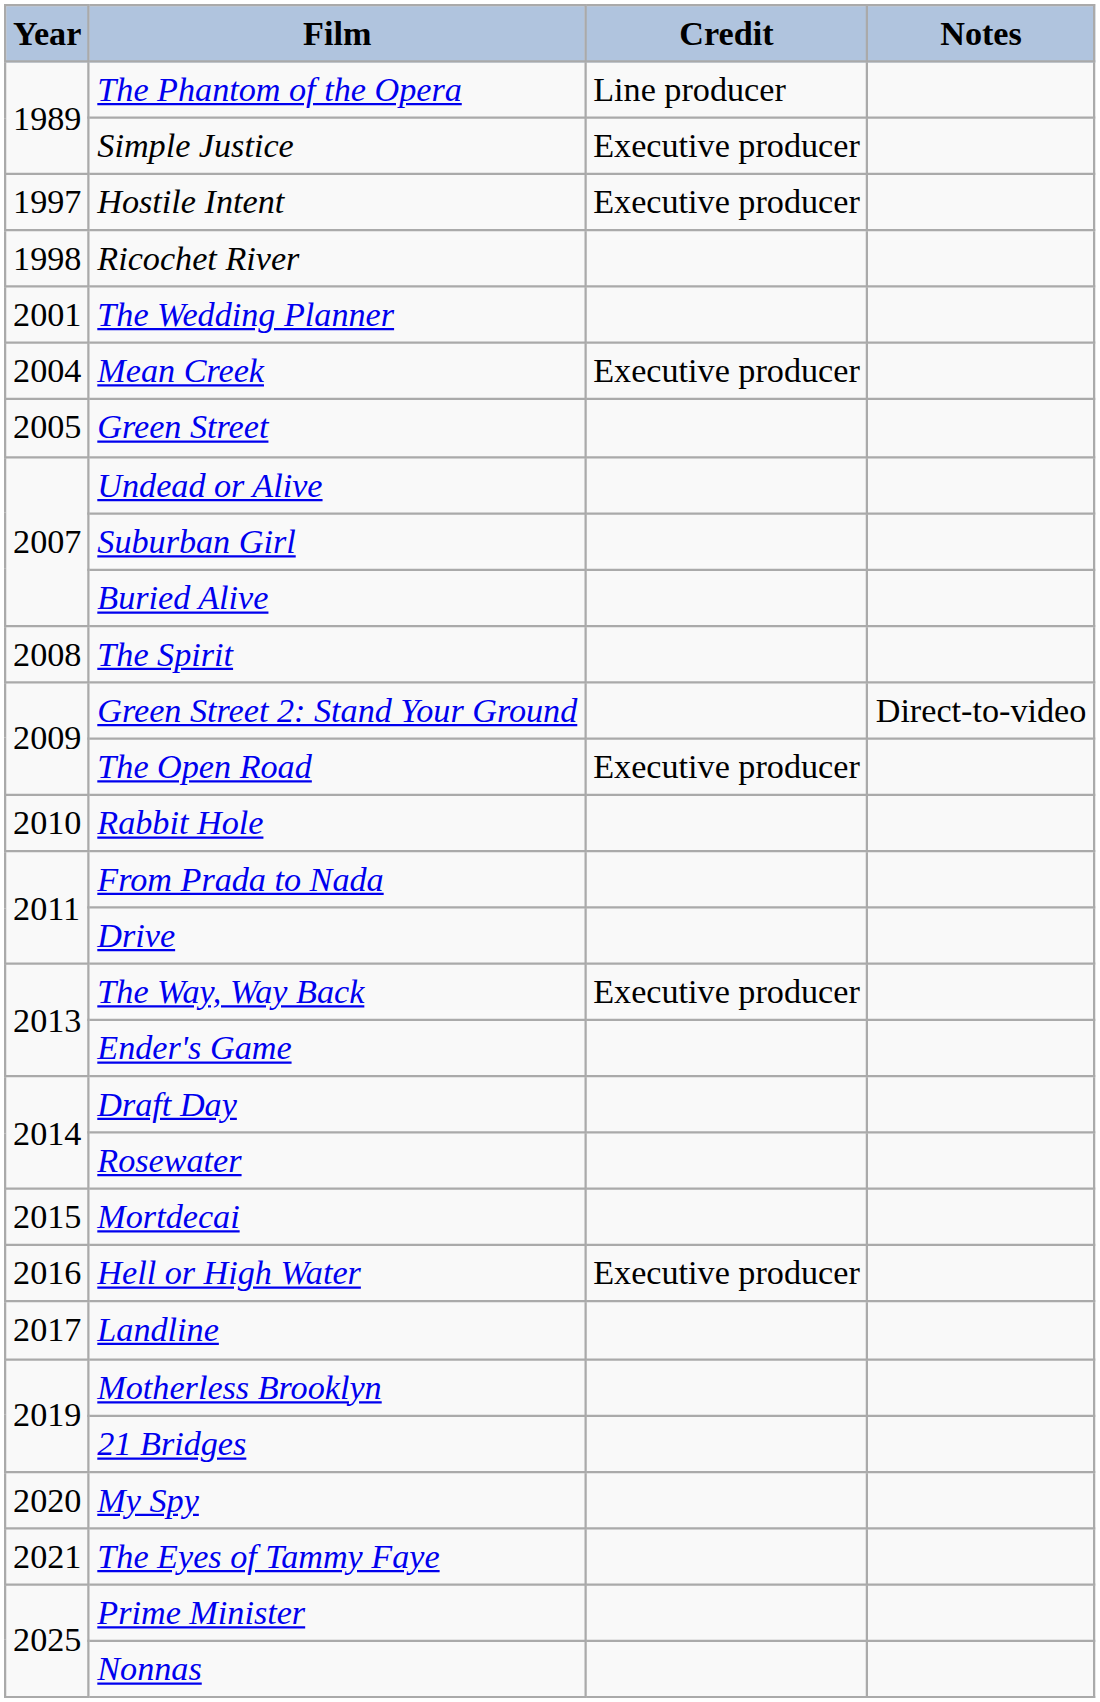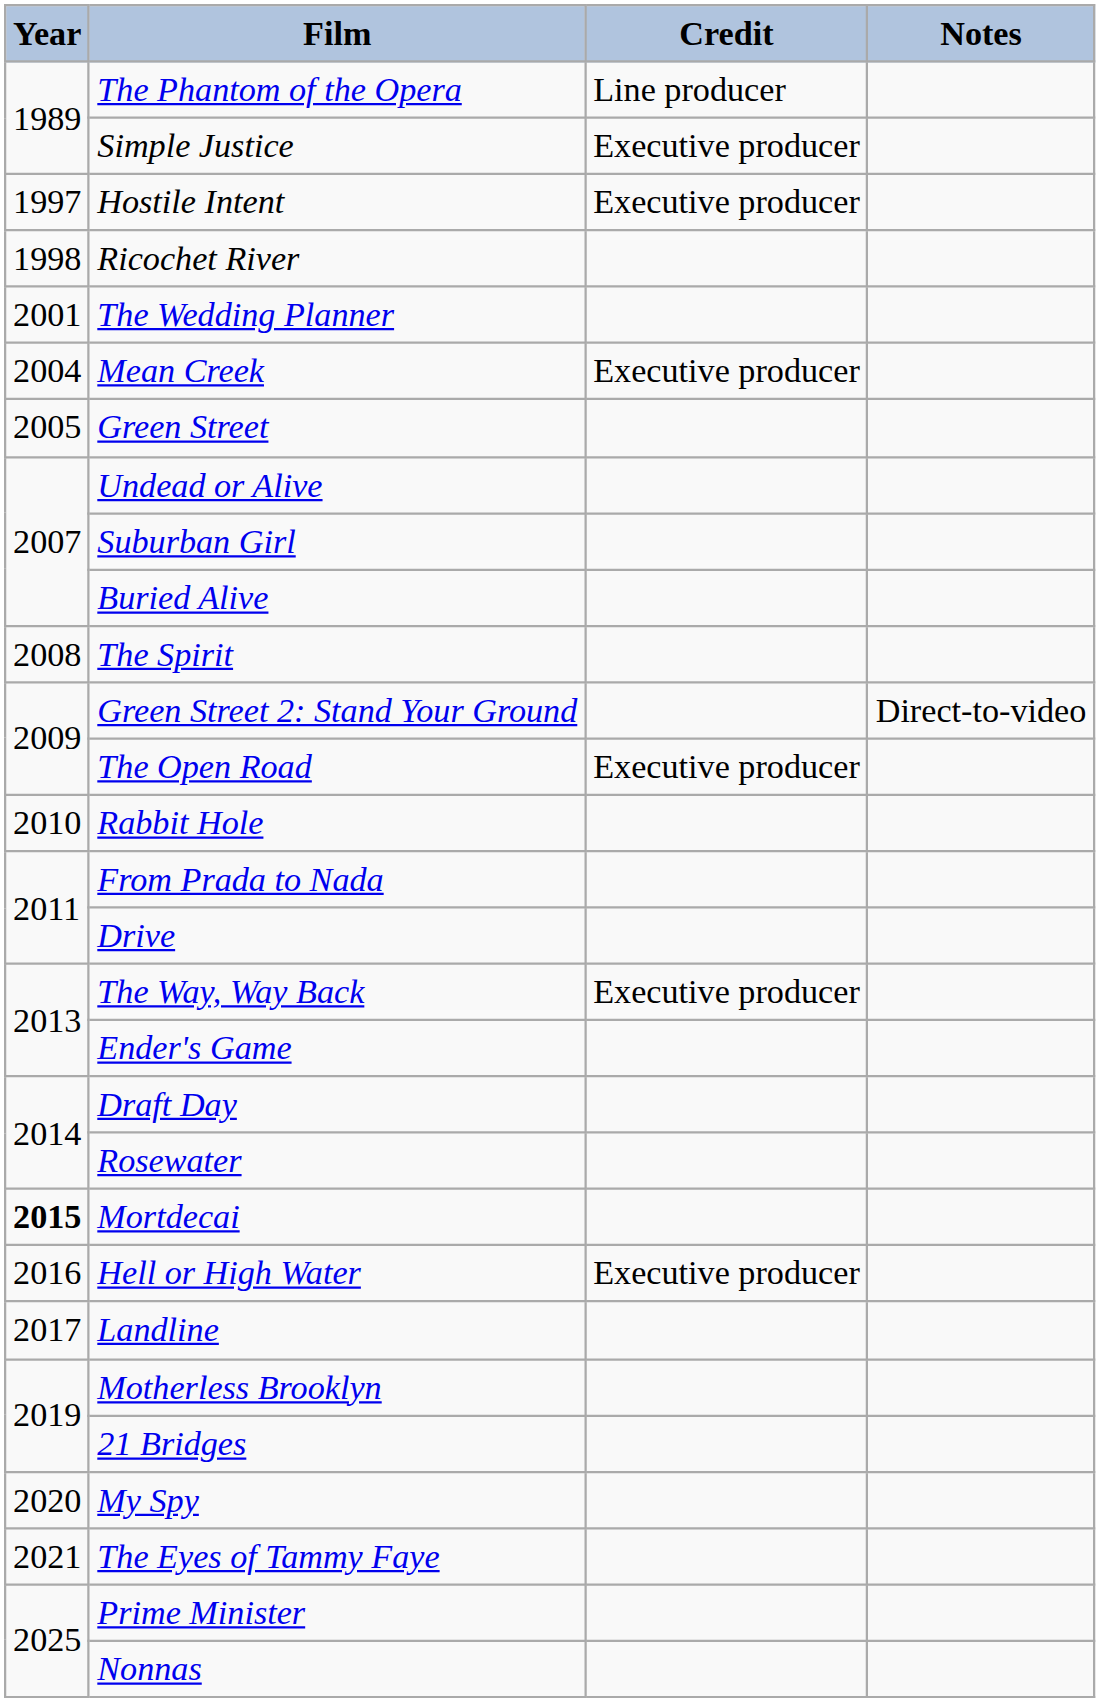 <table class="wikitable" style="font-size: 95%;" cellpadding="4" border="2" background: #f9f9f9;>
 <tr align="center">
 <th style="background:#B0C4DE;">Year</th>
 <th style="background:#B0C4DE;">Film</th>
 <th style="background:#B0C4DE;">Credit</th>
 <th style="background:#B0C4DE;">Notes</th>
 </tr>
 <tr>
 <td rowspan=2>1989</td>
 <td><em><a href='#'>The Phantom of the Opera</a></em></td>
 <td>Line producer</td>
 <td></td>
 </tr>
 <tr>
 <td><em>Simple Justice</em></td>
 <td>Executive producer</td>
 <td></td>
 </tr>
 <tr>
 <td>1997</td>
 <td><em>Hostile Intent</em></td>
 <td>Executive producer</td>
 <td></td>
 </tr>
 <tr>
 <td>1998</td>
 <td><em>Ricochet River</em></td>
 <td></td>
 <td></td>
 </tr>
 <tr>
 <td>2001</td>
 <td><em><a href='#'>The Wedding Planner</a></em></td>
 <td></td>
 <td></td>
 </tr>
 <tr>
 <td>2004</td>
 <td><em><a href='#'>Mean Creek</a></em></td>
 <td>Executive producer</td>
 <td></td>
 </tr>
 <tr>
 <td>2005</td>
 <td><em><a href='#'>Green Street</a></em></td>
 <td></td>
 <td></td>
 </tr>
 <tr>
 <td rowspan=3>2007</td>
 <td><em><a href='#'>Undead or Alive</a></em></td>
 <td></td>
 <td></td>
 </tr>
 <tr>
 <td><em><a href='#'>Suburban Girl</a></em></td>
 <td></td>
 <td></td>
 </tr>
 <tr>
 <td><em><a href='#'>Buried Alive</a></em></td>
 <td></td>
 <td></td>
 </tr>
 <tr>
 <td>2008</td>
 <td><em><a href='#'>The Spirit</a></em></td>
 <td></td>
 <td></td>
 </tr>
 <tr>
 <td rowspan=2>2009</td>
 <td><em><a href='#'>Green Street 2: Stand Your Ground</a></em></td>
 <td></td>
 <td>Direct-to-video</td>
 </tr>
 <tr>
 <td><em><a href='#'>The Open Road</a></em></td>
 <td>Executive producer</td>
 <td></td>
 </tr>
 <tr>
 <td>2010</td>
 <td><em><a href='#'>Rabbit Hole</a></em></td>
 <td></td>
 <td></td>
 </tr>
 <tr>
 <td rowspan=2>2011</td>
 <td><em><a href='#'>From Prada to Nada</a></em></td>
 <td></td>
 <td></td>
 </tr>
 <tr>
 <td><em><a href='#'>Drive</a></em></td>
 <td></td>
 <td></td>
 </tr>
 <tr>
 <td rowspan=2>2013</td>
 <td><em><a href='#'>The Way, Way Back</a></em></td>
 <td>Executive producer</td>
 <td></td>
 </tr>
 <tr>
 <td><em><a href='#'>Ender's Game</a></em></td>
 <td></td>
 <td></td>
 </tr>
 <tr>
 <td rowspan=2>2014</td>
 <td><em><a href='#'>Draft Day</a></em></td>
 <td></td>
 <td></td>
 </tr>
 <tr>
 <td><em><a href='#'>Rosewater</a></em></td>
 <td></td>
 <td></td>
 </tr>
 <tr>
-<td>2015</td>
+<td><strong>2015</strong></td>
 <td><em><a href='#'>Mortdecai</a></em></td>
 <td></td>
 <td></td>
 </tr>
 <tr>
 <td>2016</td>
 <td><em><a href='#'>Hell or High Water</a></em></td>
 <td>Executive producer</td>
 <td></td>
 </tr>
 <tr>
 <td>2017</td>
 <td><em><a href='#'>Landline</a></em></td>
 <td></td>
 <td></td>
 </tr>
 <tr>
 <td rowspan=2>2019</td>
 <td><em><a href='#'>Motherless Brooklyn</a></em></td>
 <td></td>
 <td></td>
 </tr>
 <tr>
 <td><em><a href='#'>21 Bridges</a></em></td>
 <td></td>
 <td></td>
 </tr>
 <tr>
 <td>2020</td>
 <td><em><a href='#'>My Spy</a></em></td>
 <td></td>
 <td></td>
 </tr>
 <tr>
 <td>2021</td>
 <td><em><a href='#'>The Eyes of Tammy Faye</a></em></td>
 <td></td>
 <td></td>
 </tr>
 <tr>
 <td rowspan=2>2025</td>
 <td><em><a href='#'>Prime Minister</a></em></td>
 <td></td>
 <td></td>
 </tr>
 <tr>
 <td><em><a href='#'>Nonnas</a></em></td>
 <td></td>
 <td></td>
 </tr>
 </table>
